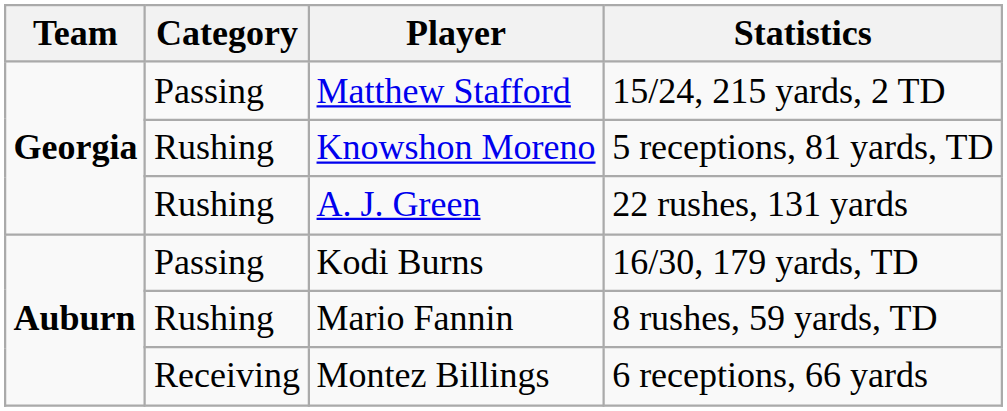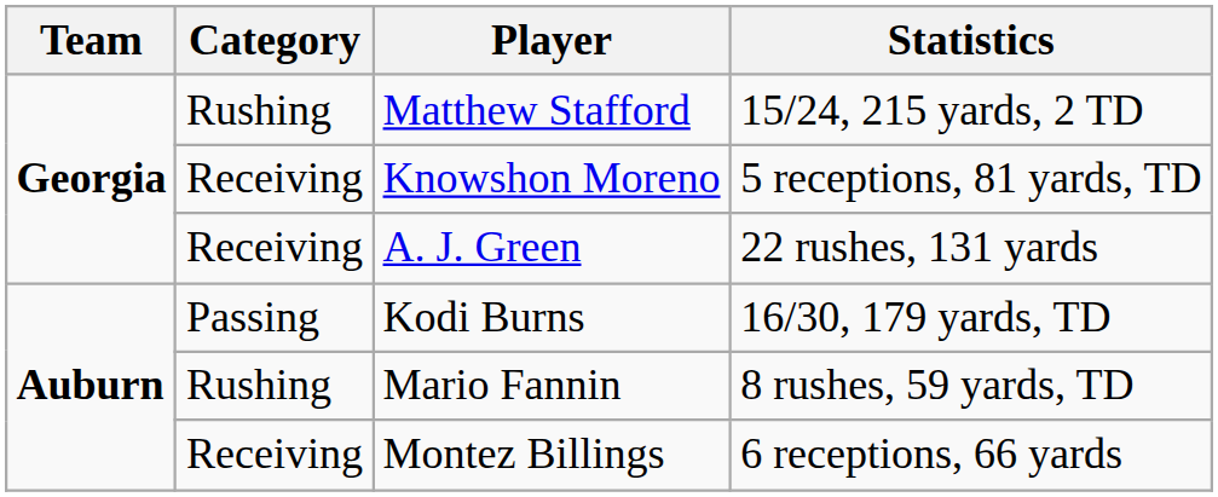 <table class="wikitable" style="float: left;">
 <tr>
 <th>Team</th>
 <th>Category</th>
 <th>Player</th>
 <th>Statistics</th>
 </tr>
 <tr>
 <td rowspan=3><strong>Georgia</strong></td>
-<td>Passing</td>
+<td>Rushing</td>
 <td><a href='#'>Matthew Stafford</a></td>
 <td>15/24, 215 yards, 2 TD</td>
 </tr>
 <tr>
-<td>Rushing</td>
+<td>Receiving</td>
 <td><a href='#'>Knowshon Moreno</a></td>
 <td>5 receptions, 81 yards, TD</td>
 </tr>
 <tr>
-<td>Rushing</td>
+<td>Receiving</td>
 <td><a href='#'>A. J. Green</a></td>
 <td>22 rushes, 131 yards</td>
 </tr>
 <tr>
 <td rowspan=3><strong>Auburn</strong></td>
 <td>Passing</td>
 <td>Kodi Burns</td>
 <td>16/30, 179 yards, TD</td>
 </tr>
 <tr>
 <td>Rushing</td>
 <td>Mario Fannin</td>
 <td>8 rushes, 59 yards, TD</td>
 </tr>
 <tr>
 <td>Receiving</td>
 <td>Montez Billings</td>
 <td>6 receptions, 66 yards</td>
 </tr>
 </table>
